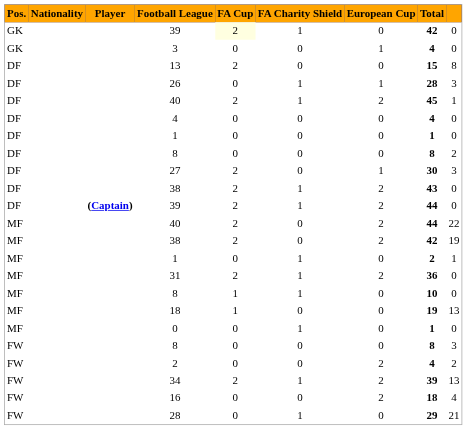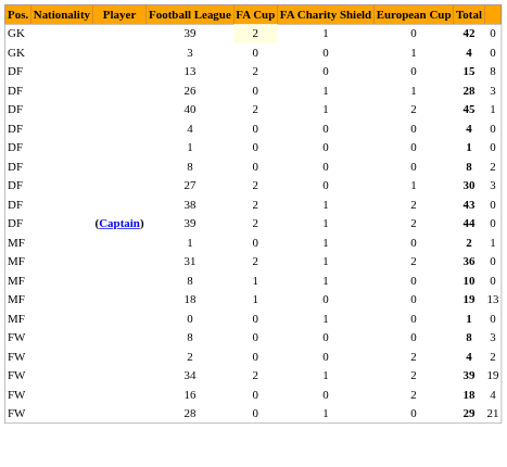 <table cellspacing="0" cellpadding="3" style="border:1px solid #AAAAAA;font-size:90%">
 <tr bgcolor="#191970">
 <th style=background:orange; align="center"><span>Pos.</span></th>
 <th style=background:orange; align="center"><span>Nationality</span></th>
 <th style=background:orange; align="center"><span>Player</span></th>
 <th style=background:orange; align="center"><span>Football League</span></th>
 <th style=background:orange; align="center"><span>FA Cup</span></th>
 <th style=background:orange; align="center"><span>FA Charity Shield</span></th>
 <th style=background:orange; align="center"><span>European Cup</span></th>
 <th style=background:orange; align="center"><span>Total</span></th>
 <th style=background:orange; align="center"><span></span></th>
 </tr>
 <tr>
 <td>GK</td>
 <td></td>
 <td></td>
 <td align="center">39</td>
 <td align="center" style="background: lightyellow;">2</td>
 <td align="center">1</td>
 <td align="center">0</td>
 <td align="center"><strong>42</strong></td>
 <td align="center">0</td>
 </tr>
 <tr>
 <td>GK</td>
 <td></td>
 <td></td>
 <td align="center">3</td>
 <td align="center">0</td>
 <td align="center">0</td>
 <td align="center">1</td>
 <td align="center"><strong>4</strong></td>
 <td align="center">0</td>
 </tr>
 <tr>
 <td>DF</td>
 <td></td>
 <td></td>
 <td align="center">13</td>
 <td align="center">2</td>
 <td align="center">0</td>
 <td align="center">0</td>
 <td align="center"><strong>15</strong></td>
 <td align="center">8</td>
 </tr>
 <tr>
 <td>DF</td>
 <td></td>
 <td></td>
 <td align="center">26</td>
 <td align="center">0</td>
 <td align="center">1</td>
 <td align="center">1</td>
 <td align="center"><strong>28</strong></td>
 <td align="center">3</td>
 </tr>
 <tr>
 <td>DF</td>
 <td></td>
 <td></td>
 <td align="center">40</td>
 <td align="center">2</td>
 <td align="center">1</td>
 <td align="center">2</td>
 <td align="center"><strong>45</strong></td>
 <td align="center">1</td>
 </tr>
 <tr>
 <td>DF</td>
 <td></td>
 <td></td>
 <td align="center">4</td>
 <td align="center">0</td>
 <td align="center">0</td>
 <td align="center">0</td>
 <td align="center"><strong>4</strong></td>
 <td align="center">0</td>
 </tr>
 <tr>
 <td>DF</td>
 <td></td>
 <td></td>
 <td align="center">1</td>
 <td align="center">0</td>
 <td align="center">0</td>
 <td align="center">0</td>
 <td align="center"><strong>1</strong></td>
 <td align="center">0</td>
 </tr>
 <tr>
 <td>DF</td>
 <td></td>
 <td></td>
 <td align="center">8</td>
 <td align="center">0</td>
 <td align="center">0</td>
 <td align="center">0</td>
 <td align="center"><strong>8</strong></td>
 <td align="center">2</td>
 </tr>
 <tr>
 <td>DF</td>
 <td></td>
 <td></td>
 <td align="center">27</td>
 <td align="center">2</td>
 <td align="center">0</td>
 <td align="center">1</td>
 <td align="center"><strong>30</strong></td>
 <td align="center">3</td>
 </tr>
 <tr>
 <td>DF</td>
 <td></td>
 <td></td>
 <td align="center">38</td>
 <td align="center">2</td>
 <td align="center">1</td>
 <td align="center">2</td>
 <td align="center"><strong>43</strong></td>
 <td align="center">0</td>
 </tr>
 <tr>
 <td>DF</td>
 <td></td>
 <td> <strong>(<a href='#'>Captain</a>)</strong></td>
 <td align="center">39</td>
 <td align="center">2</td>
 <td align="center">1</td>
 <td align="center">2</td>
 <td align="center"><strong>44</strong></td>
 <td align="center">0</td>
 </tr>
 <tr>
 <td>MF</td>
 <td></td>
 <td></td>
-<td align="center">40</td>
-<td align="center">2</td>
-<td align="center">0</td>
-<td align="center">2</td>
-<td align="center"><strong>44</strong></td>
-<td align="center">22</td>
-</tr>
-<tr>
-<td>MF</td>
-<td></td>
-<td></td>
-<td align="center">38</td>
-<td align="center">2</td>
-<td align="center">0</td>
-<td align="center">2</td>
-<td align="center"><strong>42</strong></td>
-<td align="center">19</td>
-</tr>
-<tr>
-<td>MF</td>
-<td></td>
-<td></td>
 <td align="center">1</td>
 <td align="center">0</td>
 <td align="center">1</td>
 <td align="center">0</td>
 <td align="center"><strong>2</strong></td>
 <td align="center">1</td>
 </tr>
 <tr>
 <td>MF</td>
 <td></td>
 <td></td>
 <td align="center">31</td>
 <td align="center">2</td>
 <td align="center">1</td>
 <td align="center">2</td>
 <td align="center"><strong>36</strong></td>
 <td align="center">0</td>
 </tr>
 <tr>
 <td>MF</td>
 <td></td>
 <td></td>
 <td align="center">8</td>
 <td align="center">1</td>
 <td align="center">1</td>
 <td align="center">0</td>
 <td align="center"><strong>10</strong></td>
 <td align="center">0</td>
 </tr>
 <tr>
 <td>MF</td>
 <td></td>
 <td></td>
 <td align="center">18</td>
 <td align="center">1</td>
 <td align="center">0</td>
 <td align="center">0</td>
 <td align="center"><strong>19</strong></td>
 <td align="center">13</td>
 </tr>
 <tr>
 <td>MF</td>
 <td></td>
 <td></td>
 <td align="center">0</td>
 <td align="center">0</td>
 <td align="center">1</td>
 <td align="center">0</td>
 <td align="center"><strong>1</strong></td>
 <td align="center">0</td>
 </tr>
 <tr>
 <td>FW</td>
 <td></td>
 <td></td>
 <td align="center">8</td>
 <td align="center">0</td>
 <td align="center">0</td>
 <td align="center">0</td>
 <td align="center"><strong>8</strong></td>
 <td align="center">3</td>
 </tr>
 <tr>
 <td>FW</td>
 <td></td>
 <td></td>
 <td align="center">2</td>
 <td align="center">0</td>
 <td align="center">0</td>
 <td align="center">2</td>
 <td align="center"><strong>4</strong></td>
 <td align="center">2</td>
 </tr>
 <tr>
 <td>FW</td>
 <td></td>
 <td></td>
 <td align="center">34</td>
 <td align="center">2</td>
 <td align="center">1</td>
 <td align="center">2</td>
 <td align="center"><strong>39</strong></td>
-<td align="center">13</td>
+<td align="center">19</td>
 </tr>
 <tr>
 <td>FW</td>
 <td></td>
 <td></td>
 <td align="center">16</td>
 <td align="center">0</td>
 <td align="center">0</td>
 <td align="center">2</td>
 <td align="center"><strong>18</strong></td>
 <td align="center">4</td>
 </tr>
 <tr>
 <td>FW</td>
 <td></td>
 <td></td>
 <td align="center">28</td>
 <td align="center">0</td>
 <td align="center">1</td>
 <td align="center">0</td>
 <td align="center"><strong>29</strong></td>
 <td align="center">21</td>
 </tr>
 <tr>
 </tr>
 </table>
